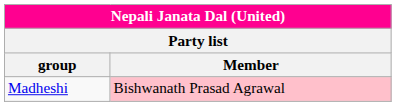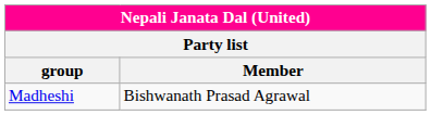 <table class="wikitable mw-collapsible mw-collapsed" role="presentation">
 <tr>
 <th colspan="2" style="width: 300pt; background:#ff0090; color: white;">Nepali Janata Dal (United)</th>
 </tr>
 <tr>
 <th colspan="2">Party list</th>
 </tr>
 <tr>
 <th> group</th>
 <th>Member</th>
 </tr>
 <tr>
 <td><a href='#'>Madheshi</a></td>
-<td style="background: pink;">Bishwanath Prasad Agrawal</td>
+<td>Bishwanath Prasad Agrawal</td>
 </tr>
 </table>
